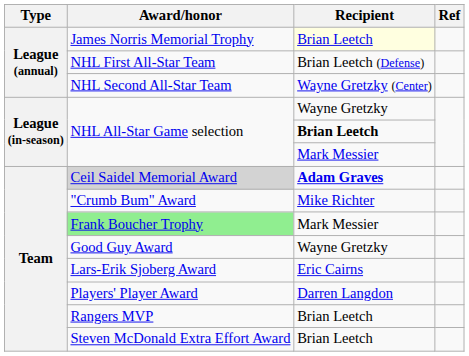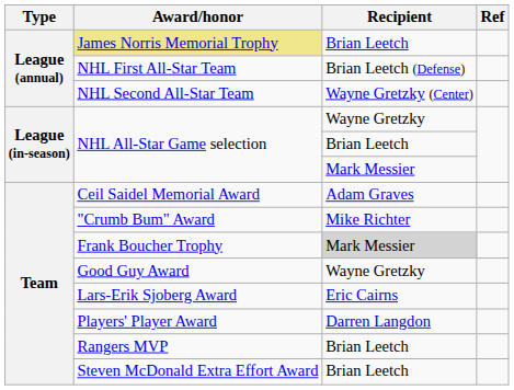 <table class="wikitable">
 <tr>
 <th scope="col">Type</th>
 <th scope="col">Award/honor</th>
 <th scope="col">Recipient</th>
 <th scope="col">Ref</th>
 </tr>
 <tr>
 <th scope="row" rowspan="3">League<br><small>(annual)</small></th>
-<td><a href='#'>James Norris Memorial Trophy</a></td>
-<td style="background: lightyellow;"><a href='#'>Brian Leetch</a></td>
+<td style="background: khaki;"><a href='#'>James Norris Memorial Trophy</a></td>
+<td><a href='#'>Brian Leetch</a></td>
 <td></td>
 </tr>
 <tr>
 <td><a href='#'>NHL First All-Star Team</a></td>
 <td>Brian Leetch <small>(<a href='#'>Defense</a>)</small></td>
 <td></td>
 </tr>
 <tr>
 <td><a href='#'>NHL Second All-Star Team</a></td>
 <td><a href='#'>Wayne Gretzky</a> <small>(<a href='#'>Center</a>)</small></td>
 <td></td>
 </tr>
 <tr>
 <th scope="row" rowspan="3">League<br><small>(in-season)</small></th>
 <td rowspan="3"><a href='#'>NHL All-Star Game</a> selection</td>
 <td>Wayne Gretzky</td>
 <td rowspan="3"></td>
 </tr>
 <tr>
-<td><strong>Brian Leetch</strong></td>
+<td>Brian Leetch</td>
 </tr>
 <tr>
 <td><a href='#'>Mark Messier</a></td>
 </tr>
 <tr>
 <th scope="row" rowspan="8">Team</th>
-<td style="background: lightgrey;"><a href='#'>Ceil Saidel Memorial Award</a></td>
-<td><strong><a href='#'>Adam Graves</a></strong></td>
+<td><a href='#'>Ceil Saidel Memorial Award</a></td>
+<td><a href='#'>Adam Graves</a></td>
 <td></td>
 </tr>
 <tr>
 <td><a href='#'>"Crumb Bum" Award</a></td>
 <td><a href='#'>Mike Richter</a></td>
 <td></td>
 </tr>
 <tr>
-<td style="background: lightgreen;"><a href='#'>Frank Boucher Trophy</a></td>
-<td>Mark Messier</td>
+<td><a href='#'>Frank Boucher Trophy</a></td>
+<td style="background: lightgrey;">Mark Messier</td>
 <td></td>
 </tr>
 <tr>
 <td><a href='#'>Good Guy Award</a></td>
 <td>Wayne Gretzky</td>
 <td></td>
 </tr>
 <tr>
 <td><a href='#'>Lars-Erik Sjoberg Award</a></td>
 <td><a href='#'>Eric Cairns</a></td>
 <td></td>
 </tr>
 <tr>
 <td><a href='#'>Players' Player Award</a></td>
 <td><a href='#'>Darren Langdon</a></td>
 <td></td>
 </tr>
 <tr>
 <td><a href='#'>Rangers MVP</a></td>
 <td>Brian Leetch</td>
 <td></td>
 </tr>
 <tr>
 <td><a href='#'>Steven McDonald Extra Effort Award</a></td>
 <td>Brian Leetch</td>
 <td></td>
 </tr>
 </table>
